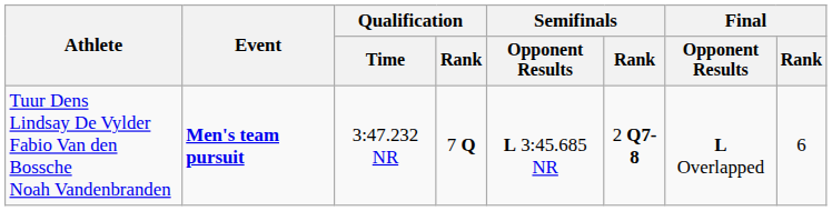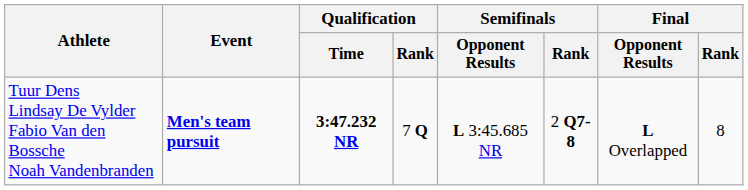 <table class=wikitable style=font-size:90%;text-align:center;width:50%>
 <tr>
 <th rowspan=2>Athlete</th>
 <th rowspan=2>Event</th>
 <th colspan=2>Qualification</th>
 <th colspan=2>Semifinals</th>
 <th colspan=2>Final</th>
 </tr>
 <tr style=font-size:95%>
 <th>Time</th>
 <th>Rank</th>
 <th>Opponent<br>Results</th>
 <th>Rank</th>
 <th>Opponent<br>Results</th>
 <th>Rank</th>
 </tr>
 <tr>
 <td align=left><a href='#'>Tuur Dens</a><br><a href='#'>Lindsay De Vylder</a><br><a href='#'>Fabio Van den Bossche</a><br><a href='#'>Noah Vandenbranden</a></td>
 <td align=left><strong><a href='#'>Men's team pursuit</a></strong></td>
-<td>3:47.232 <a href='#'>NR</a></td>
+<td><strong>3:47.232 <a href='#'>NR</a></strong></td>
 <td>7 <strong>Q</strong></td>
 <td><br><strong>L</strong> 3:45.685 <a href='#'>NR</a></td>
 <td>2 <strong>Q7-8</strong></td>
 <td><br><strong>L</strong> Overlapped</td>
-<td>6</td>
+<td>8</td>
 </tr>
 </table>
